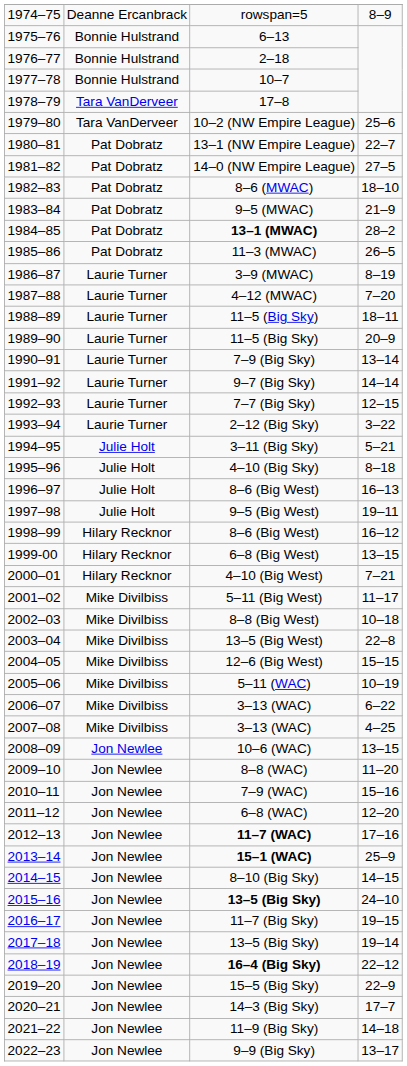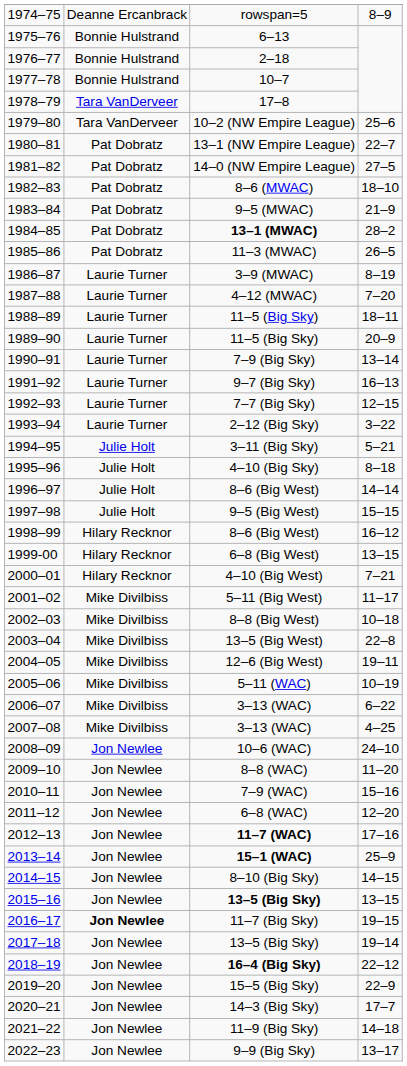 <table class="wikitable" style="text-align:center">
 <tr>
 </tr>
 <tr>
 <td style="text-align:left">1974–75</td>
 <td>Deanne Ercanbrack</td>
 <td>rowspan=5 </td>
 <td>8–9</td>
 </tr>
 <tr>
 <td style="text-align:left">1975–76</td>
 <td>Bonnie Hulstrand</td>
 <td>6–13</td>
 </tr>
 <tr>
 <td style="text-align:left">1976–77</td>
 <td>Bonnie Hulstrand</td>
 <td>2–18</td>
 </tr>
 <tr>
 <td style="text-align:left">1977–78</td>
 <td>Bonnie Hulstrand</td>
 <td>10–7</td>
 </tr>
 <tr>
 <td style="text-align:left">1978–79</td>
 <td><a href='#'>Tara VanDerveer</a></td>
 <td>17–8</td>
 </tr>
 <tr>
 <td style="text-align:left">1979–80</td>
 <td>Tara VanDerveer</td>
 <td>10–2 (NW Empire League)</td>
 <td>25–6</td>
 </tr>
 <tr>
 <td style="text-align:left">1980–81</td>
 <td>Pat Dobratz</td>
 <td>13–1 (NW Empire League)</td>
 <td>22–7</td>
 </tr>
 <tr>
 <td style="text-align:left">1981–82</td>
 <td>Pat Dobratz</td>
 <td>14–0 (NW Empire League)</td>
 <td>27–5</td>
 </tr>
 <tr>
 <td style="text-align:left">1982–83</td>
 <td>Pat Dobratz</td>
 <td>8–6 (<a href='#'>MWAC</a>)</td>
 <td>18–10</td>
 </tr>
 <tr>
 <td style="text-align:left">1983–84</td>
 <td>Pat Dobratz</td>
 <td>9–5 (MWAC)</td>
 <td>21–9</td>
 </tr>
 <tr>
 <td style="text-align:left">1984–85</td>
 <td>Pat Dobratz</td>
 <td><strong>13–1 (MWAC)</strong></td>
 <td>28–2</td>
 </tr>
 <tr>
 <td style="text-align:left">1985–86</td>
 <td>Pat Dobratz</td>
 <td>11–3 (MWAC)</td>
 <td>26–5</td>
 </tr>
 <tr>
 <td style="text-align:left">1986–87</td>
 <td>Laurie Turner</td>
 <td>3–9 (MWAC)</td>
 <td>8–19</td>
 </tr>
 <tr>
 <td style="text-align:left">1987–88</td>
 <td>Laurie Turner</td>
 <td>4–12 (MWAC)</td>
 <td>7–20</td>
 </tr>
 <tr>
 <td style="text-align:left">1988–89</td>
 <td>Laurie Turner</td>
 <td>11–5 (<a href='#'>Big Sky</a>)</td>
 <td>18–11</td>
 </tr>
 <tr>
 <td style="text-align:left">1989–90</td>
 <td>Laurie Turner</td>
 <td>11–5 (Big Sky)</td>
 <td>20–9</td>
 </tr>
 <tr>
 <td style="text-align:left">1990–91</td>
 <td>Laurie Turner</td>
 <td>7–9 (Big Sky)</td>
 <td>13–14</td>
 </tr>
 <tr>
 <td style="text-align:left">1991–92</td>
 <td>Laurie Turner</td>
 <td>9–7 (Big Sky)</td>
-<td>14–14</td>
+<td>16–13</td>
 </tr>
 <tr>
 <td style="text-align:left">1992–93</td>
 <td>Laurie Turner</td>
 <td>7–7 (Big Sky)</td>
 <td>12–15</td>
 </tr>
 <tr>
 <td style="text-align:left">1993–94</td>
 <td>Laurie Turner</td>
 <td>2–12 (Big Sky)</td>
 <td>3–22</td>
 </tr>
 <tr>
 <td style="text-align:left">1994–95</td>
 <td><a href='#'>Julie Holt</a></td>
 <td>3–11 (Big Sky)</td>
 <td>5–21</td>
 </tr>
 <tr>
 <td style="text-align:left">1995–96</td>
 <td>Julie Holt</td>
 <td>4–10 (Big Sky)</td>
 <td>8–18</td>
 </tr>
 <tr>
 <td style="text-align:left">1996–97</td>
 <td>Julie Holt</td>
 <td>8–6 (Big West)</td>
-<td>16–13</td>
+<td>14–14</td>
 </tr>
 <tr>
 <td style="text-align:left">1997–98</td>
 <td>Julie Holt</td>
 <td>9–5 (Big West)</td>
-<td>19–11</td>
+<td>15–15</td>
 </tr>
 <tr>
 <td style="text-align:left">1998–99</td>
 <td>Hilary Recknor</td>
 <td>8–6 (Big West)</td>
 <td>16–12</td>
 </tr>
 <tr>
 <td style="text-align:left">1999-00</td>
 <td>Hilary Recknor</td>
 <td>6–8 (Big West)</td>
 <td>13–15</td>
 </tr>
 <tr>
 <td style="text-align:left">2000–01</td>
 <td>Hilary Recknor</td>
 <td>4–10 (Big West)</td>
 <td>7–21</td>
 </tr>
 <tr>
 <td style="text-align:left">2001–02</td>
 <td>Mike Divilbiss</td>
 <td>5–11 (Big West)</td>
 <td>11–17</td>
 </tr>
 <tr>
 <td style="text-align:left">2002–03</td>
 <td>Mike Divilbiss</td>
 <td>8–8 (Big West)</td>
 <td>10–18</td>
 </tr>
 <tr>
 <td style="text-align:left">2003–04</td>
 <td>Mike Divilbiss</td>
 <td>13–5 (Big West)</td>
 <td>22–8</td>
 </tr>
 <tr>
 <td style="text-align:left">2004–05</td>
 <td>Mike Divilbiss</td>
 <td>12–6 (Big West)</td>
-<td>15–15</td>
+<td>19–11</td>
 </tr>
 <tr>
 <td style="text-align:left">2005–06</td>
 <td>Mike Divilbiss</td>
 <td>5–11 (<a href='#'>WAC</a>)</td>
 <td>10–19</td>
 </tr>
 <tr>
 <td style="text-align:left">2006–07</td>
 <td>Mike Divilbiss</td>
 <td>3–13 (WAC)</td>
 <td>6–22</td>
 </tr>
 <tr>
 <td style="text-align:left">2007–08</td>
 <td>Mike Divilbiss</td>
 <td>3–13 (WAC)</td>
 <td>4–25</td>
 </tr>
 <tr>
 <td style="text-align:left">2008–09</td>
 <td><a href='#'>Jon Newlee</a></td>
 <td>10–6 (WAC)</td>
-<td>13–15</td>
+<td>24–10</td>
 </tr>
 <tr>
 <td style="text-align:left">2009–10</td>
 <td>Jon Newlee</td>
 <td>8–8 (WAC)</td>
 <td>11–20</td>
 </tr>
 <tr>
 <td style="text-align:left">2010–11</td>
 <td>Jon Newlee</td>
 <td>7–9 (WAC)</td>
 <td>15–16</td>
 </tr>
 <tr>
 <td style="text-align:left">2011–12</td>
 <td>Jon Newlee</td>
 <td>6–8 (WAC)</td>
 <td>12–20</td>
 </tr>
 <tr>
 <td style="text-align:left">2012–13</td>
 <td>Jon Newlee</td>
 <td><strong>11–7 (WAC)</strong></td>
 <td>17–16</td>
 </tr>
 <tr>
 <td style="text-align:left"><a href='#'>2013–14</a></td>
 <td>Jon Newlee</td>
 <td><strong>15–1 (WAC)</strong></td>
 <td>25–9</td>
 </tr>
 <tr>
 <td style="text-align:left"><a href='#'>2014–15</a></td>
 <td>Jon Newlee</td>
 <td>8–10 (Big Sky)</td>
 <td>14–15</td>
 </tr>
 <tr>
 <td style="text-align:left"><a href='#'>2015–16</a></td>
 <td>Jon Newlee</td>
 <td><strong>13–5 (Big Sky)</strong></td>
-<td>24–10</td>
+<td>13–15</td>
 </tr>
 <tr>
 <td><a href='#'>2016–17</a></td>
-<td>Jon Newlee</td>
+<td><strong>Jon Newlee</strong></td>
 <td>11–7 (Big Sky)</td>
 <td>19–15</td>
 </tr>
 <tr>
 <td><a href='#'>2017–18</a></td>
 <td>Jon Newlee</td>
 <td>13–5 (Big Sky)</td>
 <td>19–14</td>
 </tr>
 <tr>
 <td><a href='#'>2018–19</a></td>
 <td>Jon Newlee</td>
 <td><strong>16–4 (Big Sky)</strong></td>
 <td>22–12</td>
 </tr>
 <tr>
 <td>2019–20</td>
 <td>Jon Newlee</td>
 <td>15–5 (Big Sky)</td>
 <td>22–9</td>
 </tr>
 <tr>
 <td>2020–21</td>
 <td>Jon Newlee</td>
 <td>14–3 (Big Sky)</td>
 <td>17–7</td>
 </tr>
 <tr>
 <td>2021–22</td>
 <td>Jon Newlee</td>
 <td>11–9 (Big Sky)</td>
 <td>14–18</td>
 </tr>
 <tr>
 <td>2022–23</td>
 <td>Jon Newlee</td>
 <td>9–9 (Big Sky)</td>
 <td>13–17</td>
 </tr>
 </table>
